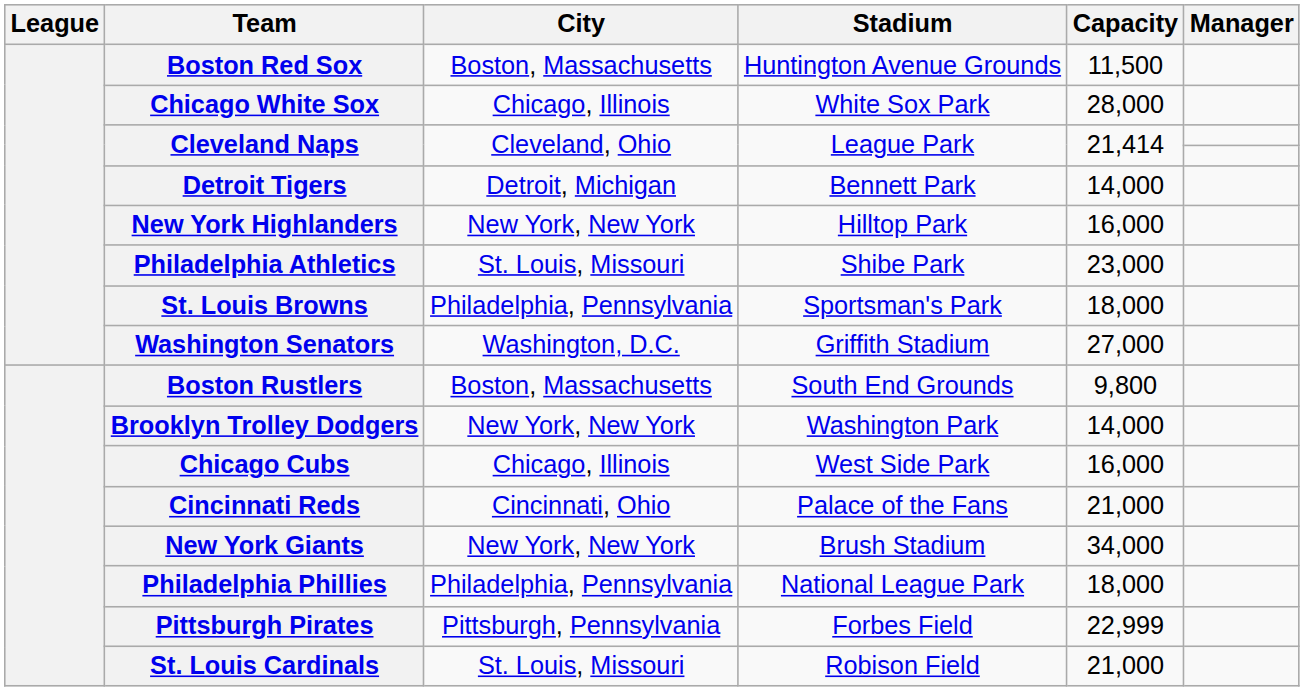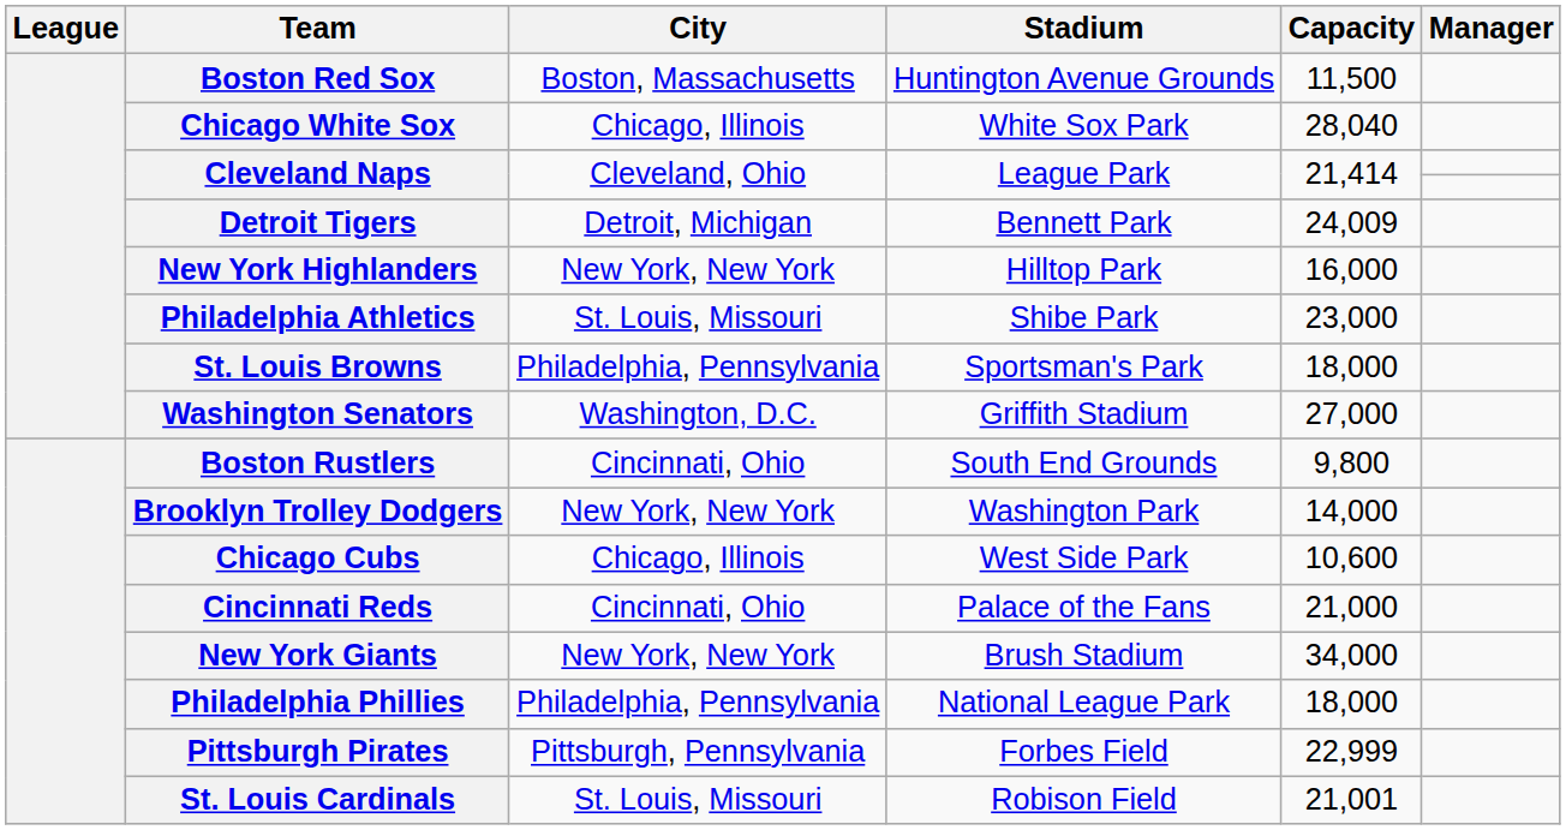 <table class="wikitable sortable plainrowheaders" style="text-align:center;">
 <tr>
 <th scope="col">League</th>
 <th scope="col">Team</th>
 <th scope="col">City</th>
 <th scope="col">Stadium</th>
 <th scope="col">Capacity</th>
 <th scope="col">Manager</th>
 </tr>
 <tr>
 <th rowspan="9"></th>
 <th scope="row"><a href='#'>Boston Red Sox</a></th>
 <td><a href='#'>Boston</a>, <a href='#'>Massachusetts</a></td>
 <td><a href='#'>Huntington Avenue Grounds</a></td>
 <td>11,500</td>
 <td></td>
 </tr>
 <tr>
 <th scope="row"><a href='#'>Chicago White Sox</a></th>
 <td><a href='#'>Chicago</a>, <a href='#'>Illinois</a></td>
 <td><a href='#'>White Sox Park</a></td>
-<td>28,000</td>
+<td>28,040</td>
 <td></td>
 </tr>
 <tr>
 <th rowspan="2" scope="row"><a href='#'>Cleveland Naps</a></th>
 <td rowspan="2"><a href='#'>Cleveland</a>, <a href='#'>Ohio</a></td>
 <td rowspan="2"><a href='#'>League Park</a></td>
 <td rowspan="2">21,414</td>
 <td></td>
 </tr>
 <tr>
 <td></td>
 </tr>
 <tr>
 <th scope="row"><a href='#'>Detroit Tigers</a></th>
 <td><a href='#'>Detroit</a>, <a href='#'>Michigan</a></td>
 <td><a href='#'>Bennett Park</a></td>
-<td>14,000</td>
+<td>24,009</td>
 <td></td>
 </tr>
 <tr>
 <th scope="row"><a href='#'>New York Highlanders</a></th>
 <td><a href='#'>New York</a>, <a href='#'>New York</a></td>
 <td><a href='#'>Hilltop Park</a></td>
 <td>16,000</td>
 <td></td>
 </tr>
 <tr>
 <th scope="row"><a href='#'>Philadelphia Athletics</a></th>
 <td><a href='#'>St. Louis</a>, <a href='#'>Missouri</a></td>
 <td><a href='#'>Shibe Park</a></td>
 <td>23,000</td>
 <td></td>
 </tr>
 <tr>
 <th scope="row"><a href='#'>St. Louis Browns</a></th>
 <td><a href='#'>Philadelphia</a>, <a href='#'>Pennsylvania</a></td>
 <td><a href='#'>Sportsman's Park</a></td>
 <td>18,000</td>
 <td></td>
 </tr>
 <tr>
 <th scope="row"><a href='#'>Washington Senators</a></th>
 <td><a href='#'>Washington, D.C.</a></td>
 <td><a href='#'>Griffith Stadium</a></td>
 <td>27,000</td>
 <td></td>
 </tr>
 <tr>
 <th rowspan="8"></th>
 <th scope="row"><a href='#'>Boston Rustlers</a></th>
-<td><a href='#'>Boston</a>, <a href='#'>Massachusetts</a></td>
+<td><a href='#'>Cincinnati</a>, <a href='#'>Ohio</a></td>
 <td><a href='#'>South End Grounds</a></td>
 <td>9,800</td>
 <td></td>
 </tr>
 <tr>
 <th scope="row"><a href='#'>Brooklyn Trolley Dodgers</a></th>
 <td><a href='#'>New York</a>, <a href='#'>New York</a></td>
 <td><a href='#'>Washington Park</a></td>
 <td>14,000</td>
 <td></td>
 </tr>
 <tr>
 <th scope="row"><a href='#'>Chicago Cubs</a></th>
 <td><a href='#'>Chicago</a>, <a href='#'>Illinois</a></td>
 <td><a href='#'>West Side Park</a></td>
-<td>16,000</td>
+<td>10,600</td>
 <td></td>
 </tr>
 <tr>
 <th scope="row"><a href='#'>Cincinnati Reds</a></th>
 <td><a href='#'>Cincinnati</a>, <a href='#'>Ohio</a></td>
 <td><a href='#'>Palace of the Fans</a></td>
 <td>21,000</td>
 <td></td>
 </tr>
 <tr>
 <th scope="row"><a href='#'>New York Giants</a></th>
 <td><a href='#'>New York</a>, <a href='#'>New York</a></td>
 <td><a href='#'>Brush Stadium</a></td>
 <td>34,000</td>
 <td></td>
 </tr>
 <tr>
 <th scope="row"><a href='#'>Philadelphia Phillies</a></th>
 <td><a href='#'>Philadelphia</a>, <a href='#'>Pennsylvania</a></td>
 <td><a href='#'>National League Park</a></td>
 <td>18,000</td>
 <td></td>
 </tr>
 <tr>
 <th scope="row"><a href='#'>Pittsburgh Pirates</a></th>
 <td><a href='#'>Pittsburgh</a>, <a href='#'>Pennsylvania</a></td>
 <td><a href='#'>Forbes Field</a></td>
 <td>22,999</td>
 <td></td>
 </tr>
 <tr>
 <th scope="row"><a href='#'>St. Louis Cardinals</a></th>
 <td><a href='#'>St. Louis</a>, <a href='#'>Missouri</a></td>
 <td><a href='#'>Robison Field</a></td>
-<td>21,000</td>
+<td>21,001</td>
 <td></td>
 </tr>
 </table>
